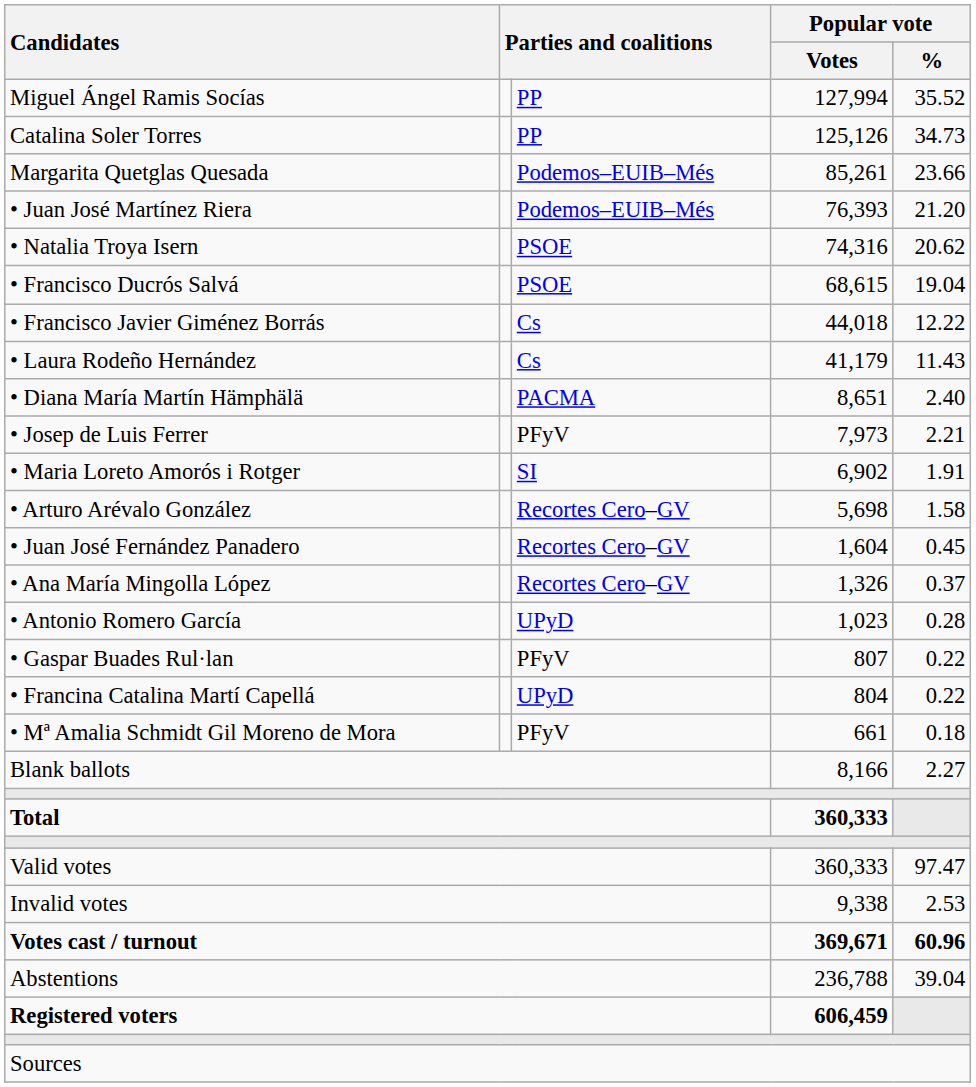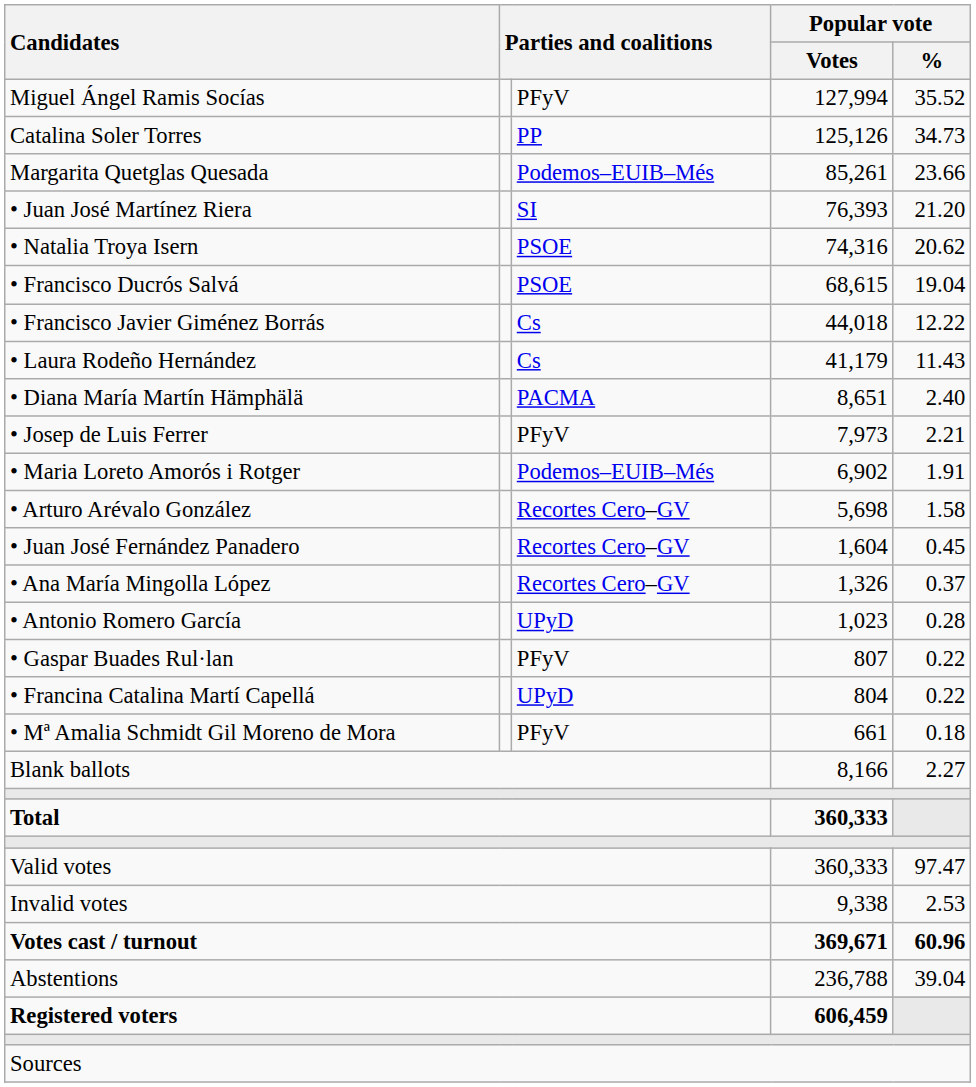 <table class="wikitable" style="text-align:right; font-size:95%;">
 <tr>
 <th style="text-align:left;" rowspan="2" width="325">Candidates</th>
 <th style="text-align:left;" rowspan="2" colspan="2" width="175">Parties and coalitions</th>
 <th colspan="2">Popular vote</th>
 </tr>
 <tr>
 <th width="75">Votes</th>
 <th width="45">%</th>
 </tr>
 <tr>
 <td align="left"> Miguel Ángel Ramis Socías</td>
 <td width="1" style="color:inherit;background:"></td>
-<td align="left"><a href='#'>PP</a></td>
+<td align="left">PFyV</td>
 <td>127,994</td>
 <td>35.52</td>
 </tr>
 <tr>
 <td align="left"> Catalina Soler Torres</td>
 <td style="color:inherit;background:"></td>
 <td align="left"><a href='#'>PP</a></td>
 <td>125,126</td>
 <td>34.73</td>
 </tr>
 <tr>
 <td align="left"> Margarita Quetglas Quesada</td>
 <td style="color:inherit;background:"></td>
 <td align="left"><a href='#'>Podemos–EUIB–Més</a></td>
 <td>85,261</td>
 <td>23.66</td>
 </tr>
 <tr>
 <td align="left">• Juan José Martínez Riera</td>
 <td style="color:inherit;background:"></td>
-<td align="left"><a href='#'>Podemos–EUIB–Més</a></td>
+<td align="left"><a href='#'>SI</a></td>
 <td>76,393</td>
 <td>21.20</td>
 </tr>
 <tr>
 <td align="left">• Natalia Troya Isern</td>
 <td style="color:inherit;background:"></td>
 <td align="left"><a href='#'>PSOE</a></td>
 <td>74,316</td>
 <td>20.62</td>
 </tr>
 <tr>
 <td align="left">• Francisco Ducrós Salvá</td>
 <td style="color:inherit;background:"></td>
 <td align="left"><a href='#'>PSOE</a></td>
 <td>68,615</td>
 <td>19.04</td>
 </tr>
 <tr>
 <td align="left">• Francisco Javier Giménez Borrás</td>
 <td style="color:inherit;background:"></td>
 <td align="left"><a href='#'>Cs</a></td>
 <td>44,018</td>
 <td>12.22</td>
 </tr>
 <tr>
 <td align="left">• Laura Rodeño Hernández</td>
 <td style="color:inherit;background:"></td>
 <td align="left"><a href='#'>Cs</a></td>
 <td>41,179</td>
 <td>11.43</td>
 </tr>
 <tr>
 <td align="left">• Diana María Martín Hämphälä</td>
 <td style="color:inherit;background:"></td>
 <td align="left"><a href='#'>PACMA</a></td>
 <td>8,651</td>
 <td>2.40</td>
 </tr>
 <tr>
 <td align="left">• Josep de Luis Ferrer</td>
 <td style="color:inherit;background:"></td>
 <td align="left">PFyV</td>
 <td>7,973</td>
 <td>2.21</td>
 </tr>
 <tr>
 <td align="left">• Maria Loreto Amorós i Rotger</td>
 <td style="color:inherit;background:"></td>
-<td align="left"><a href='#'>SI</a></td>
+<td align="left"><a href='#'>Podemos–EUIB–Més</a></td>
 <td>6,902</td>
 <td>1.91</td>
 </tr>
 <tr>
 <td align="left">• Arturo Arévalo González</td>
 <td style="color:inherit;background:"></td>
 <td align="left"><a href='#'>Recortes Cero</a>–<a href='#'>GV</a></td>
 <td>5,698</td>
 <td>1.58</td>
 </tr>
 <tr>
 <td align="left">• Juan José Fernández Panadero</td>
 <td style="color:inherit;background:"></td>
 <td align="left"><a href='#'>Recortes Cero</a>–<a href='#'>GV</a></td>
 <td>1,604</td>
 <td>0.45</td>
 </tr>
 <tr>
 <td align="left">• Ana María Mingolla López</td>
 <td style="color:inherit;background:"></td>
 <td align="left"><a href='#'>Recortes Cero</a>–<a href='#'>GV</a></td>
 <td>1,326</td>
 <td>0.37</td>
 </tr>
 <tr>
 <td align="left">• Antonio Romero García</td>
 <td style="color:inherit;background:"></td>
 <td align="left"><a href='#'>UPyD</a></td>
 <td>1,023</td>
 <td>0.28</td>
 </tr>
 <tr>
 <td align="left">• Gaspar Buades Rul·lan</td>
 <td style="color:inherit;background:"></td>
 <td align="left">PFyV</td>
 <td>807</td>
 <td>0.22</td>
 </tr>
 <tr>
 <td align="left">• Francina Catalina Martí Capellá</td>
 <td style="color:inherit;background:"></td>
 <td align="left"><a href='#'>UPyD</a></td>
 <td>804</td>
 <td>0.22</td>
 </tr>
 <tr>
 <td align="left">• Mª Amalia Schmidt Gil Moreno de Mora</td>
 <td style="color:inherit;background:"></td>
 <td align="left">PFyV</td>
 <td>661</td>
 <td>0.18</td>
 </tr>
 <tr>
 <td align="left" colspan="3">Blank ballots</td>
 <td>8,166</td>
 <td>2.27</td>
 </tr>
 <tr>
 <td colspan="5" bgcolor="#E9E9E9"></td>
 </tr>
 <tr style="font-weight:bold;">
 <td align="left" colspan="3">Total</td>
 <td>360,333</td>
 <td bgcolor="#E9E9E9"></td>
 </tr>
 <tr>
 <td colspan="5" bgcolor="#E9E9E9"></td>
 </tr>
 <tr>
 <td align="left" colspan="3">Valid votes</td>
 <td>360,333</td>
 <td>97.47</td>
 </tr>
 <tr>
 <td align="left" colspan="3">Invalid votes</td>
 <td>9,338</td>
 <td>2.53</td>
 </tr>
 <tr style="font-weight:bold;">
 <td align="left" colspan="3">Votes cast / turnout</td>
 <td>369,671</td>
 <td>60.96</td>
 </tr>
 <tr>
 <td align="left" colspan="3">Abstentions</td>
 <td>236,788</td>
 <td>39.04</td>
 </tr>
 <tr style="font-weight:bold;">
 <td align="left" colspan="3">Registered voters</td>
 <td>606,459</td>
 <td bgcolor="#E9E9E9"></td>
 </tr>
 <tr>
 <td colspan="5" bgcolor="#E9E9E9"></td>
 </tr>
 <tr>
 <td align="left" colspan="5">Sources</td>
 </tr>
 </table>
